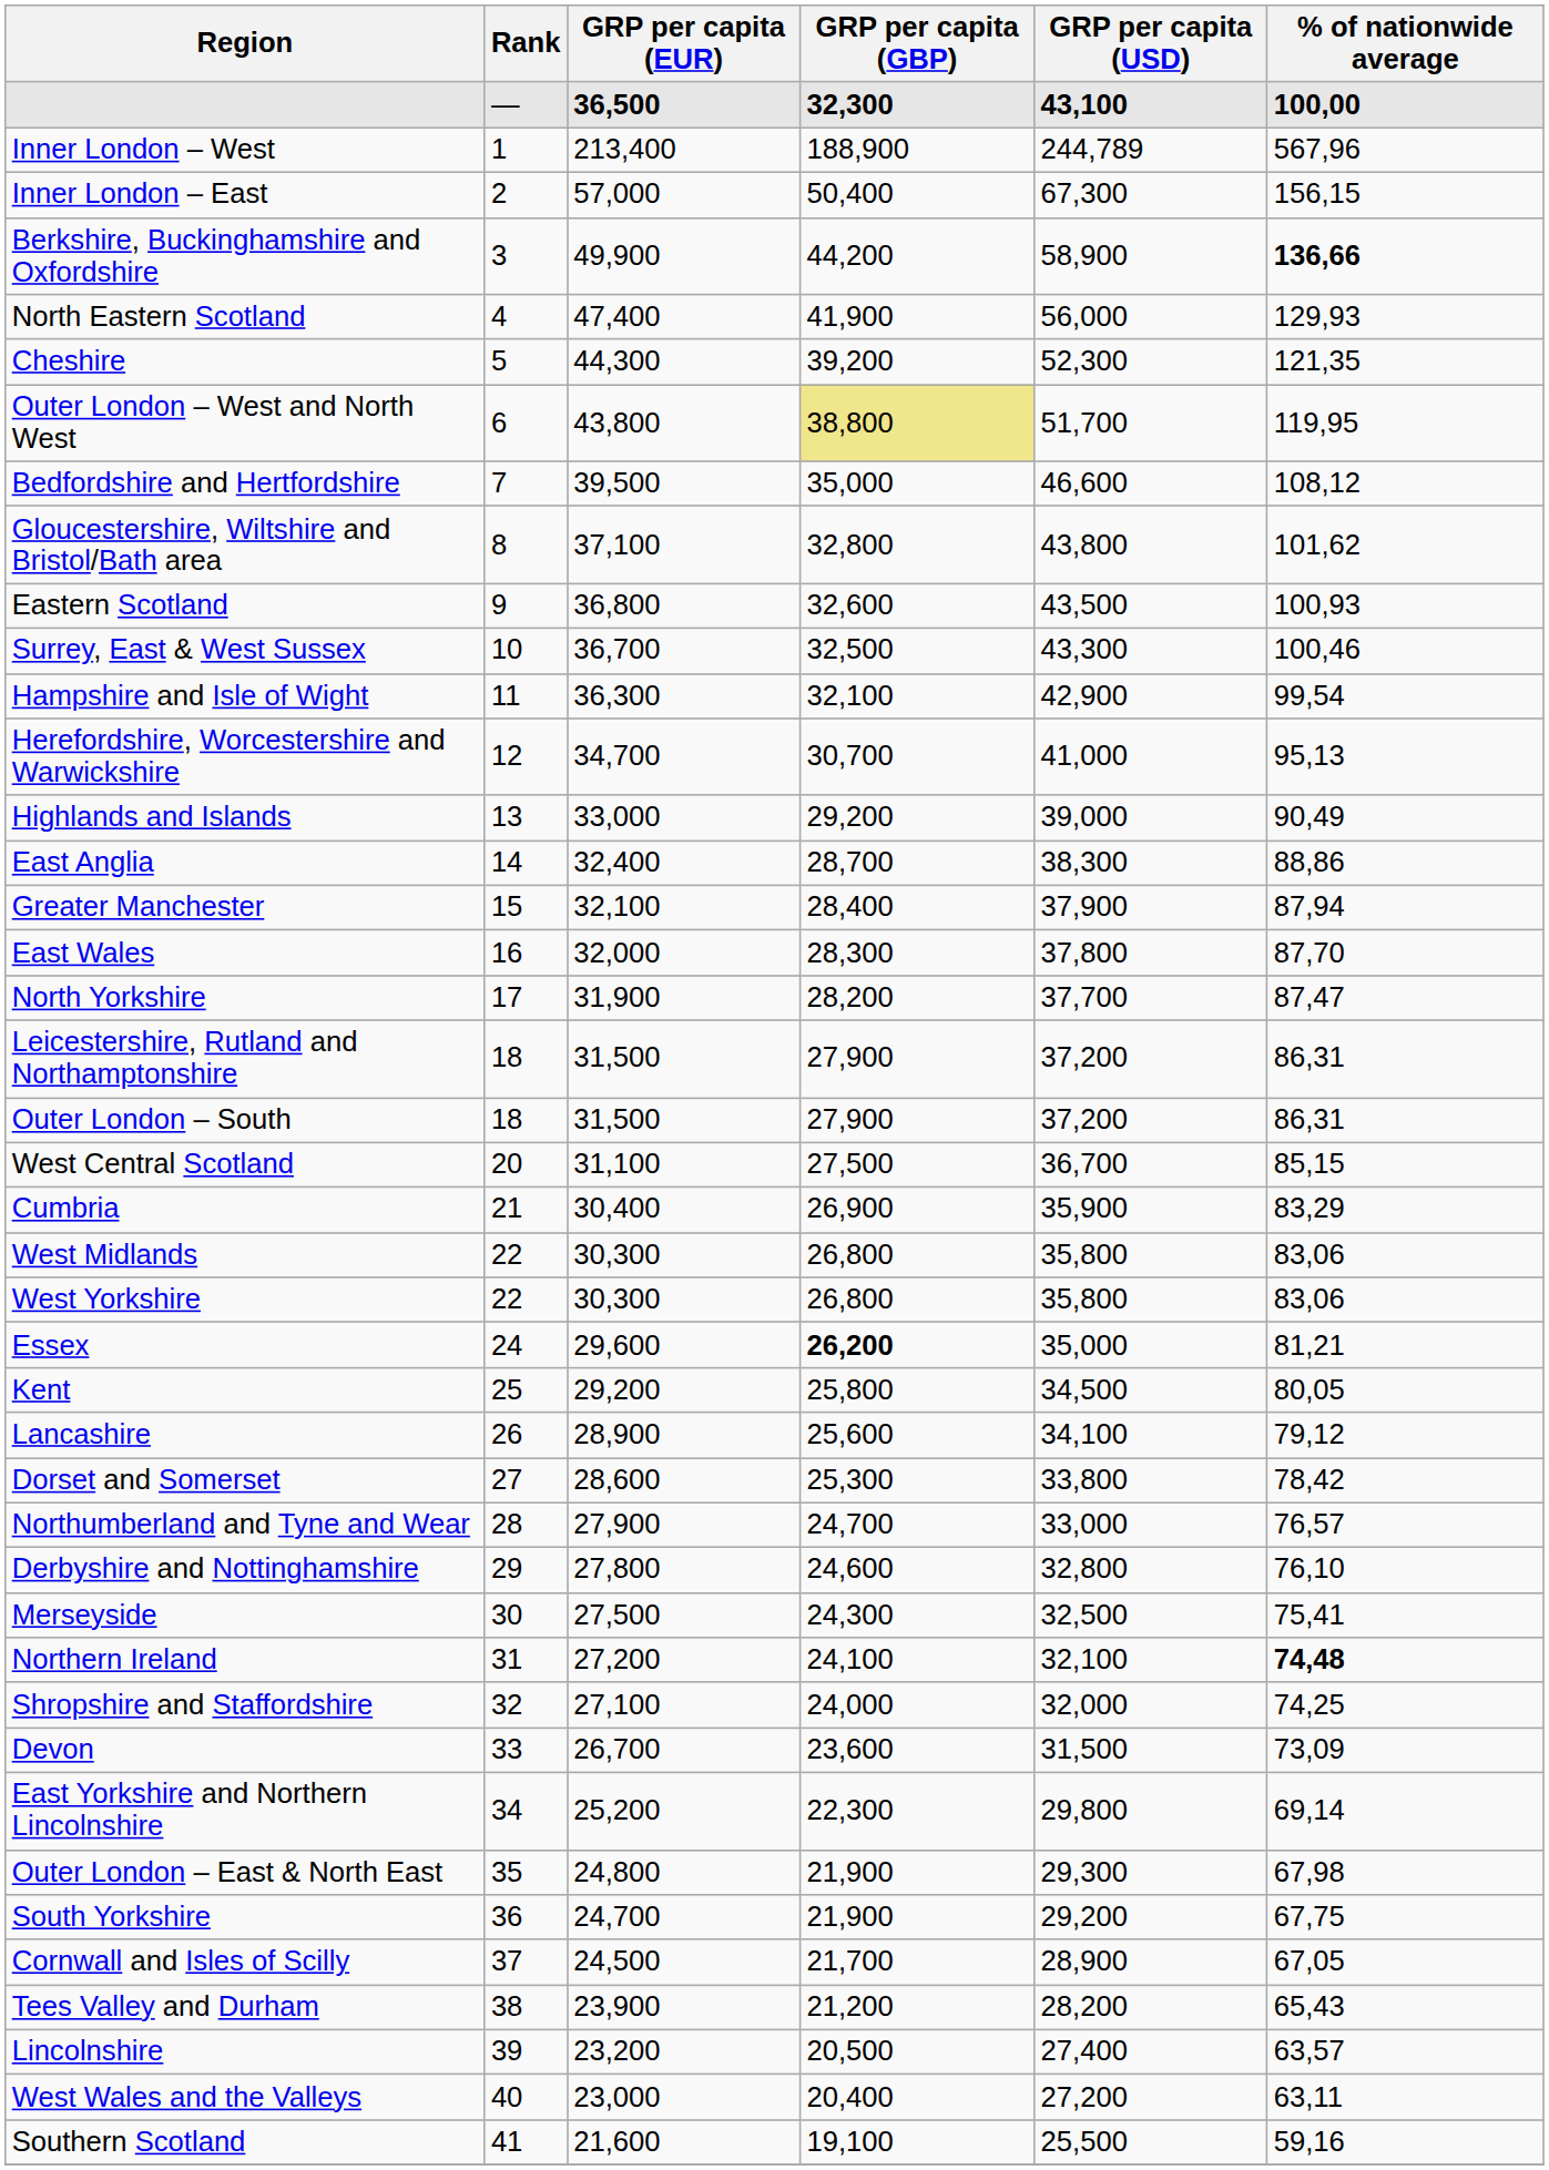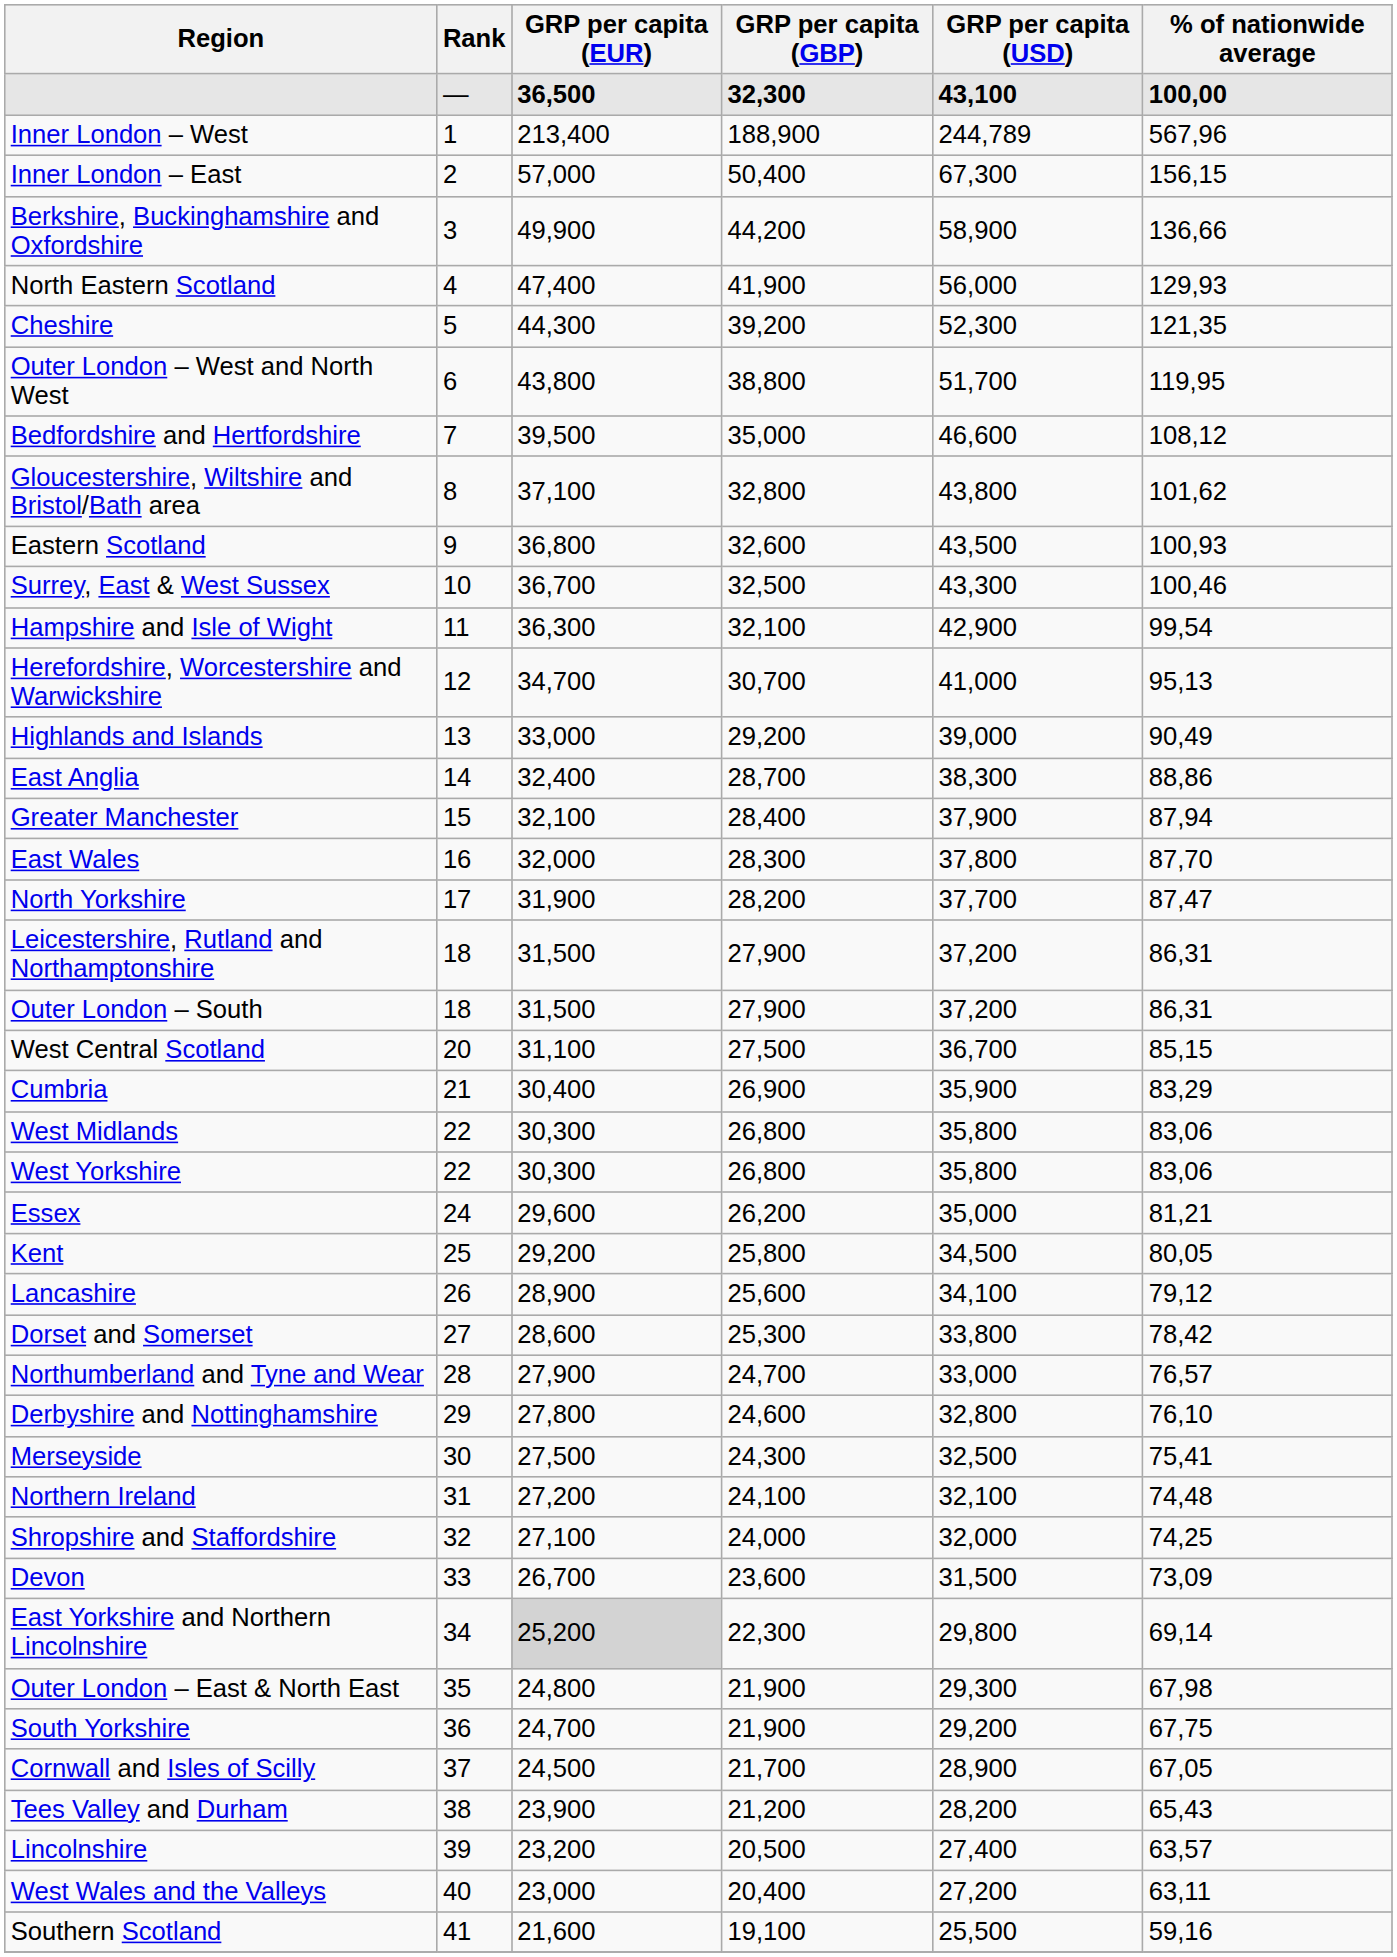 <table class="wikitable sortable">
 <tr align=center valign=middle>
 <th>Region</th>
 <th>Rank</th>
 <th>GRP per capita (<a href='#'>EUR</a>)</th>
 <th>GRP per capita (<a href='#'>GBP</a>)</th>
 <th>GRP per capita (<a href='#'>USD</a>)</th>
 <th>% of nationwide average</th>
 </tr>
 <tr style="background:#e6e6e6">
 <td align=left><strong></strong></td>
 <td>—</td>
 <td><strong>36,500</strong></td>
 <td><strong>32,300</strong></td>
 <td><strong>43,100</strong></td>
 <td><strong>100,00</strong></td>
 </tr>
 <tr>
 <td align=left><a href='#'>Inner London</a> – West</td>
 <td>1</td>
 <td>213,400</td>
 <td>188,900</td>
 <td>244,789</td>
 <td>567,96</td>
 </tr>
 <tr>
 <td align=left><a href='#'>Inner London</a> – East</td>
 <td>2</td>
 <td>57,000</td>
 <td>50,400</td>
 <td>67,300</td>
 <td>156,15</td>
 </tr>
 <tr>
 <td align=left><a href='#'>Berkshire</a>, <a href='#'>Buckinghamshire</a> and <a href='#'>Oxfordshire</a></td>
 <td>3</td>
 <td>49,900</td>
 <td>44,200</td>
 <td>58,900</td>
-<td><strong>136,66</strong></td>
+<td>136,66</td>
 </tr>
 <tr>
 <td align=left>North Eastern <a href='#'>Scotland</a></td>
 <td>4</td>
 <td>47,400</td>
 <td>41,900</td>
 <td>56,000</td>
 <td>129,93</td>
 </tr>
 <tr>
 <td align=left><a href='#'>Cheshire</a></td>
 <td>5</td>
 <td>44,300</td>
 <td>39,200</td>
 <td>52,300</td>
 <td>121,35</td>
 </tr>
 <tr>
 <td align=left><a href='#'>Outer London</a> – West and North West</td>
 <td>6</td>
 <td>43,800</td>
-<td style="background: khaki;">38,800</td>
+<td>38,800</td>
 <td>51,700</td>
 <td>119,95</td>
 </tr>
 <tr>
 <td align=left><a href='#'>Bedfordshire</a> and <a href='#'>Hertfordshire</a></td>
 <td>7</td>
 <td>39,500</td>
 <td>35,000</td>
 <td>46,600</td>
 <td>108,12</td>
 </tr>
 <tr>
 <td align=left><a href='#'>Gloucestershire</a>, <a href='#'>Wiltshire</a> and <a href='#'>Bristol</a>/<a href='#'>Bath</a> area</td>
 <td>8</td>
 <td>37,100</td>
 <td>32,800</td>
 <td>43,800</td>
 <td>101,62</td>
 </tr>
 <tr>
 <td align=left>Eastern <a href='#'>Scotland</a></td>
 <td>9</td>
 <td>36,800</td>
 <td>32,600</td>
 <td>43,500</td>
 <td>100,93</td>
 </tr>
 <tr>
 <td align=left><a href='#'>Surrey</a>, <a href='#'>East</a> & <a href='#'>West Sussex</a></td>
 <td>10</td>
 <td>36,700</td>
 <td>32,500</td>
 <td>43,300</td>
 <td>100,46</td>
 </tr>
 <tr>
 <td align=left><a href='#'>Hampshire</a> and <a href='#'>Isle of Wight</a></td>
 <td>11</td>
 <td>36,300</td>
 <td>32,100</td>
 <td>42,900</td>
 <td>99,54</td>
 </tr>
 <tr>
 <td align=left><a href='#'>Herefordshire</a>, <a href='#'>Worcestershire</a> and <a href='#'>Warwickshire</a></td>
 <td>12</td>
 <td>34,700</td>
 <td>30,700</td>
 <td>41,000</td>
 <td>95,13</td>
 </tr>
 <tr>
 <td align=left><a href='#'>Highlands and Islands</a></td>
 <td>13</td>
 <td>33,000</td>
 <td>29,200</td>
 <td>39,000</td>
 <td>90,49</td>
 </tr>
 <tr>
 <td align=left><a href='#'>East Anglia</a></td>
 <td>14</td>
 <td>32,400</td>
 <td>28,700</td>
 <td>38,300</td>
 <td>88,86</td>
 </tr>
 <tr>
 <td align=left><a href='#'>Greater Manchester</a></td>
 <td>15</td>
 <td>32,100</td>
 <td>28,400</td>
 <td>37,900</td>
 <td>87,94</td>
 </tr>
 <tr>
 <td align=left><a href='#'>East Wales</a></td>
 <td>16</td>
 <td>32,000</td>
 <td>28,300</td>
 <td>37,800</td>
 <td>87,70</td>
 </tr>
 <tr>
 <td align=left><a href='#'>North Yorkshire</a></td>
 <td>17</td>
 <td>31,900</td>
 <td>28,200</td>
 <td>37,700</td>
 <td>87,47</td>
 </tr>
 <tr>
 <td align=left><a href='#'>Leicestershire</a>, <a href='#'>Rutland</a> and <a href='#'>Northamptonshire</a></td>
 <td>18</td>
 <td>31,500</td>
 <td>27,900</td>
 <td>37,200</td>
 <td>86,31</td>
 </tr>
 <tr>
 <td align=left><a href='#'>Outer London</a> – South</td>
 <td>18</td>
 <td>31,500</td>
 <td>27,900</td>
 <td>37,200</td>
 <td>86,31</td>
 </tr>
 <tr>
 <td align=left>West Central <a href='#'>Scotland</a></td>
 <td>20</td>
 <td>31,100</td>
 <td>27,500</td>
 <td>36,700</td>
 <td>85,15</td>
 </tr>
 <tr>
 <td align=left><a href='#'>Cumbria</a></td>
 <td>21</td>
 <td>30,400</td>
 <td>26,900</td>
 <td>35,900</td>
 <td>83,29</td>
 </tr>
 <tr>
 <td align=left><a href='#'>West Midlands</a></td>
 <td>22</td>
 <td>30,300</td>
 <td>26,800</td>
 <td>35,800</td>
 <td>83,06</td>
 </tr>
 <tr>
 <td align=left><a href='#'>West Yorkshire</a></td>
 <td>22</td>
 <td>30,300</td>
 <td>26,800</td>
 <td>35,800</td>
 <td>83,06</td>
 </tr>
 <tr>
 <td align=left><a href='#'>Essex</a></td>
 <td>24</td>
 <td>29,600</td>
-<td><strong>26,200</strong></td>
+<td>26,200</td>
 <td>35,000</td>
 <td>81,21</td>
 </tr>
 <tr>
 <td align=left><a href='#'>Kent</a></td>
 <td>25</td>
 <td>29,200</td>
 <td>25,800</td>
 <td>34,500</td>
 <td>80,05</td>
 </tr>
 <tr>
 <td align=left><a href='#'>Lancashire</a></td>
 <td>26</td>
 <td>28,900</td>
 <td>25,600</td>
 <td>34,100</td>
 <td>79,12</td>
 </tr>
 <tr>
 <td align=left><a href='#'>Dorset</a> and <a href='#'>Somerset</a></td>
 <td>27</td>
 <td>28,600</td>
 <td>25,300</td>
 <td>33,800</td>
 <td>78,42</td>
 </tr>
 <tr>
 <td align=left><a href='#'>Northumberland</a> and <a href='#'>Tyne and Wear</a></td>
 <td>28</td>
 <td>27,900</td>
 <td>24,700</td>
 <td>33,000</td>
 <td>76,57</td>
 </tr>
 <tr>
 <td align=left><a href='#'>Derbyshire</a> and <a href='#'>Nottinghamshire</a></td>
 <td>29</td>
 <td>27,800</td>
 <td>24,600</td>
 <td>32,800</td>
 <td>76,10</td>
 </tr>
 <tr>
 <td align=left><a href='#'>Merseyside</a></td>
 <td>30</td>
 <td>27,500</td>
 <td>24,300</td>
 <td>32,500</td>
 <td>75,41</td>
 </tr>
 <tr>
 <td align=left><a href='#'>Northern Ireland</a></td>
 <td>31</td>
 <td>27,200</td>
 <td>24,100</td>
 <td>32,100</td>
-<td><strong>74,48</strong></td>
+<td>74,48</td>
 </tr>
 <tr>
 <td align=left><a href='#'>Shropshire</a> and <a href='#'>Staffordshire</a></td>
 <td>32</td>
 <td>27,100</td>
 <td>24,000</td>
 <td>32,000</td>
 <td>74,25</td>
 </tr>
 <tr>
 <td align=left><a href='#'>Devon</a></td>
 <td>33</td>
 <td>26,700</td>
 <td>23,600</td>
 <td>31,500</td>
 <td>73,09</td>
 </tr>
 <tr>
 <td align=left><a href='#'>East Yorkshire</a> and Northern <a href='#'>Lincolnshire</a></td>
 <td>34</td>
-<td>25,200</td>
+<td style="background: lightgrey;">25,200</td>
 <td>22,300</td>
 <td>29,800</td>
 <td>69,14</td>
 </tr>
 <tr>
 <td align=left><a href='#'>Outer London</a> – East & North East</td>
 <td>35</td>
 <td>24,800</td>
 <td>21,900</td>
 <td>29,300</td>
 <td>67,98</td>
 </tr>
 <tr>
 <td align=left><a href='#'>South Yorkshire</a></td>
 <td>36</td>
 <td>24,700</td>
 <td>21,900</td>
 <td>29,200</td>
 <td>67,75</td>
 </tr>
 <tr>
 <td align=left><a href='#'>Cornwall</a> and <a href='#'>Isles of Scilly</a></td>
 <td>37</td>
 <td>24,500</td>
 <td>21,700</td>
 <td>28,900</td>
 <td>67,05</td>
 </tr>
 <tr>
 <td align=left><a href='#'>Tees Valley</a> and <a href='#'>Durham</a></td>
 <td>38</td>
 <td>23,900</td>
 <td>21,200</td>
 <td>28,200</td>
 <td>65,43</td>
 </tr>
 <tr>
 <td align=left><a href='#'>Lincolnshire</a></td>
 <td>39</td>
 <td>23,200</td>
 <td>20,500</td>
 <td>27,400</td>
 <td>63,57</td>
 </tr>
 <tr>
 <td align=left><a href='#'>West Wales and the Valleys</a></td>
 <td>40</td>
 <td>23,000</td>
 <td>20,400</td>
 <td>27,200</td>
 <td>63,11</td>
 </tr>
 <tr>
 <td align=left>Southern <a href='#'>Scotland</a></td>
 <td>41</td>
 <td>21,600</td>
 <td>19,100</td>
 <td>25,500</td>
 <td>59,16</td>
 </tr>
 <tr>
 </tr>
 </table>
